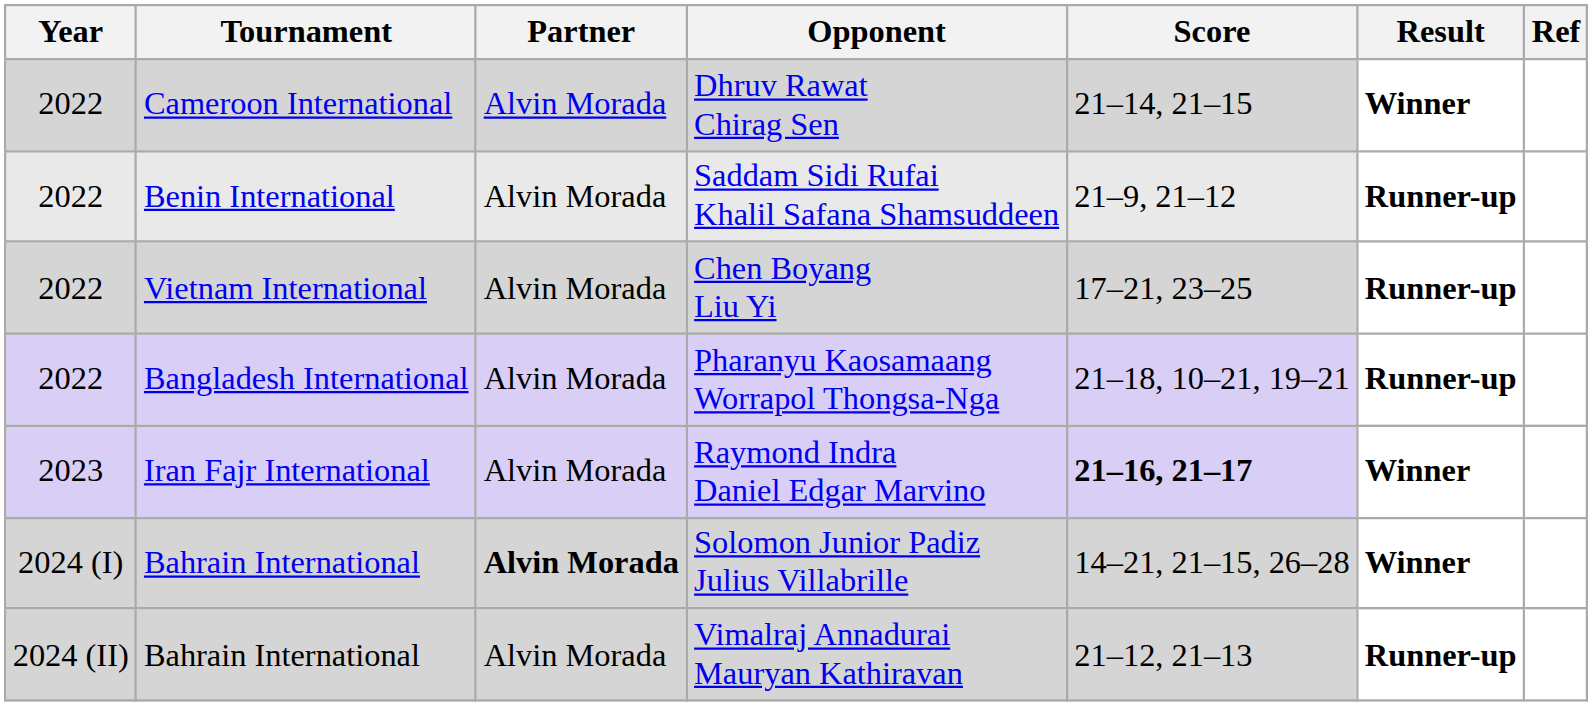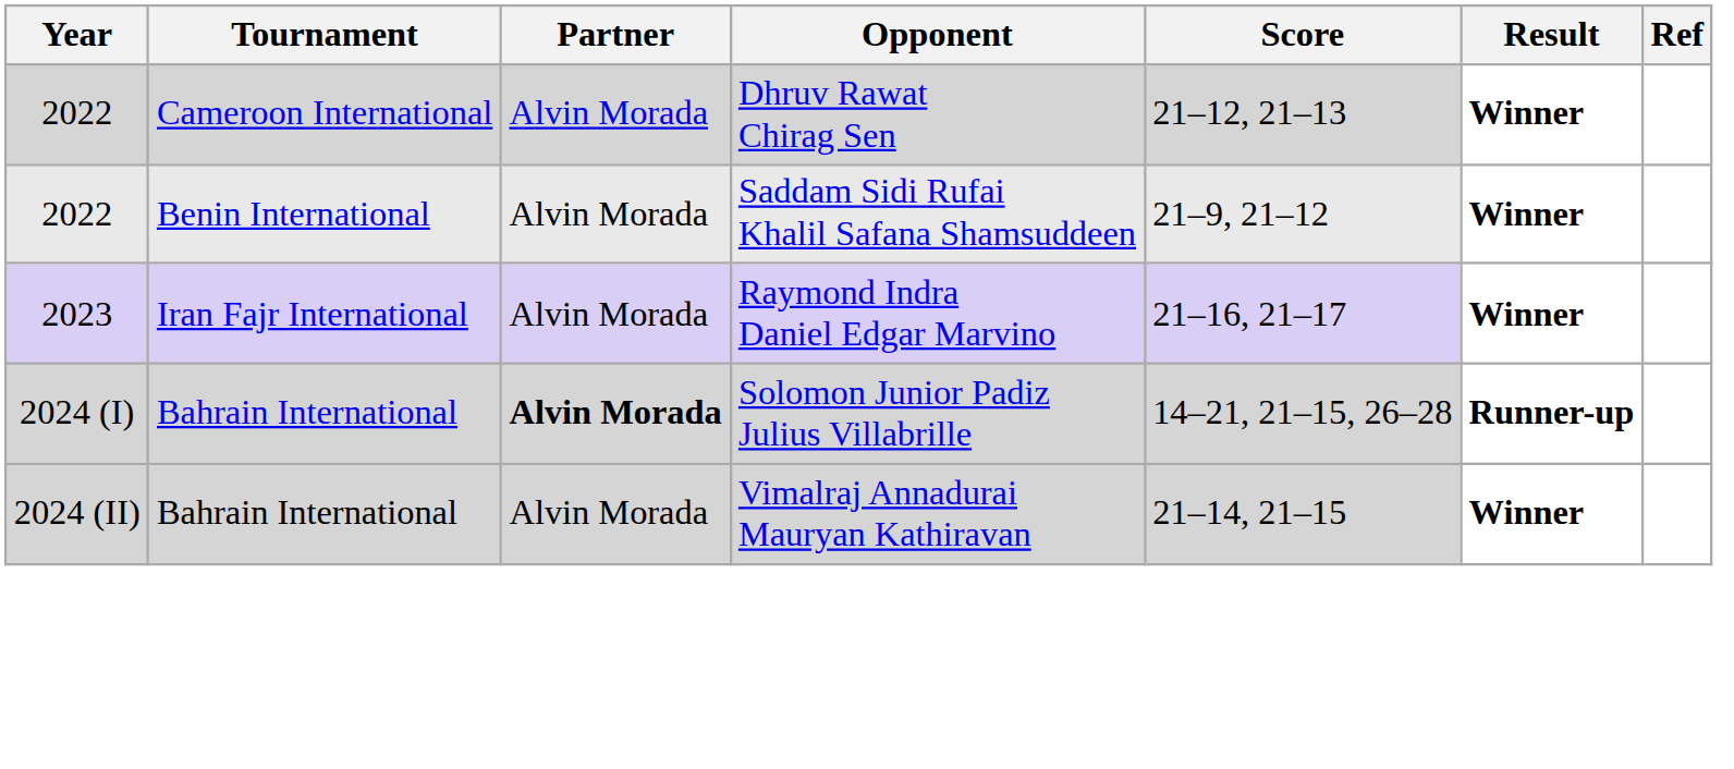 <table class="sortable wikitable" style="font-size: 90%;">
 <tr>
 <th>Year</th>
 <th>Tournament</th>
 <th>Partner</th>
 <th>Opponent</th>
 <th>Score</th>
 <th>Result</th>
 <th>Ref</th>
 </tr>
 <tr style="background:#D5D5D5">
 <td align="center">2022</td>
 <td align="left"><a href='#'>Cameroon International</a></td>
 <td align="left"> <a href='#'>Alvin Morada</a></td>
 <td align="left"> <a href='#'>Dhruv Rawat</a><br> <a href='#'>Chirag Sen</a></td>
-<td align="left">21–14, 21–15</td>
+<td align="left">21–12, 21–13</td>
 <td style="text-align:left; background:white"> <strong>Winner</strong></td>
 <td style="text-align:center; background:white"></td>
 </tr>
 <tr style="background:#E9E9E9">
 <td align="center">2022</td>
 <td align="left"><a href='#'>Benin International</a></td>
 <td align="left"> Alvin Morada</td>
 <td align="left"> <a href='#'>Saddam Sidi Rufai</a><br> <a href='#'>Khalil Safana Shamsuddeen</a></td>
 <td align="left">21–9, 21–12</td>
-<td style="text-align:left; background:white"> <strong>Runner-up</strong></td>
-<td style="text-align:center; background:white"></td>
-</tr>
-<tr style="background:#D5D5D5">
-<td align="center">2022</td>
-<td align="left"><a href='#'>Vietnam International</a></td>
-<td align="left"> Alvin Morada</td>
-<td align="left"> <a href='#'>Chen Boyang</a><br> <a href='#'>Liu Yi</a></td>
-<td align="left">17–21, 23–25</td>
-<td style="text-align:left; background:white"> <strong>Runner-up</strong></td>
-<td style="text-align:center; background:white"></td>
-</tr>
-<tr style="background:#D8CEF6">
-<td align="center">2022</td>
-<td align="left"><a href='#'>Bangladesh International</a></td>
-<td align="left"> Alvin Morada</td>
-<td align="left"> <a href='#'>Pharanyu Kaosamaang</a><br> <a href='#'>Worrapol Thongsa-Nga</a></td>
-<td align="left">21–18, 10–21, 19–21</td>
-<td style="text-align:left; background:white"> <strong>Runner-up</strong></td>
+<td style="text-align:left; background:white"> <strong>Winner</strong></td>
 <td style="text-align:center; background:white"></td>
 </tr>
 <tr style="background:#D8CEF6">
 <td align="center">2023</td>
 <td align="left"><a href='#'>Iran Fajr International</a></td>
 <td align="left"> Alvin Morada</td>
 <td align="left"> <a href='#'>Raymond Indra</a><br> <a href='#'>Daniel Edgar Marvino</a></td>
-<td align="left"><strong>21–16, 21–17</strong></td>
+<td align="left">21–16, 21–17</td>
 <td style="text-align:left; background:white"> <strong>Winner</strong></td>
 <td style="text-align:center; background:white"></td>
 </tr>
 <tr style="background:#D5D5D5">
 <td align="center">2024 (I)</td>
 <td align="left"><a href='#'>Bahrain International</a></td>
 <td align="left"><strong> Alvin Morada</strong></td>
 <td align="left"> <a href='#'>Solomon Junior Padiz</a><br> <a href='#'>Julius Villabrille</a></td>
 <td align="left">14–21, 21–15, 26–28</td>
-<td style="text-align:left; background:white"> <strong>Winner</strong></td>
+<td style="text-align:left; background:white"> <strong>Runner-up</strong></td>
 <td style="text-align:center; background:white"></td>
 </tr>
 <tr style="background:#D5D5D5">
 <td align="center">2024 (II)</td>
 <td align="left">Bahrain International</td>
 <td align="left"> Alvin Morada</td>
 <td align="left"> <a href='#'>Vimalraj Annadurai</a><br> <a href='#'>Mauryan Kathiravan</a></td>
-<td align="left">21–12, 21–13</td>
-<td style="text-align:left; background:white"> <strong>Runner-up</strong></td>
+<td align="left">21–14, 21–15</td>
+<td style="text-align:left; background:white"> <strong>Winner</strong></td>
 <td style="text-align:center; background:white"></td>
 </tr>
 </table>
